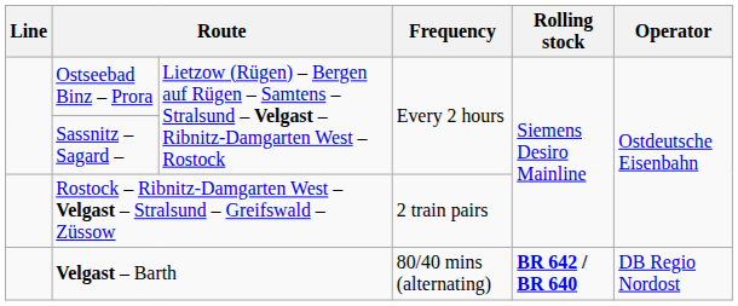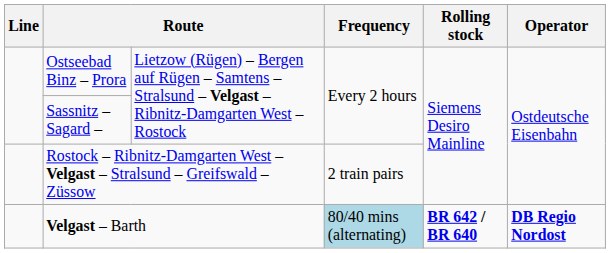 <table class="wikitable">
 <tr>
 <th>Line</th>
 <th colspan="3">Route</th>
 <th>Frequency</th>
 <th>Rolling stock</th>
 <th>Operator</th>
 </tr>
 <tr>
 <td rowspan="2"></td>
 <td><a href='#'>Ostseebad Binz</a> – <a href='#'>Prora</a></td>
 <td colspan="2" rowspan="2"><a href='#'>Lietzow (Rügen)</a> – <a href='#'>Bergen auf Rügen</a> – <a href='#'>Samtens</a> – <a href='#'>Stralsund</a> – <strong>Velgast</strong> – <a href='#'>Ribnitz-Damgarten West</a> – <a href='#'>Rostock</a></td>
 <td rowspan="2">Every 2 hours</td>
 <td rowspan="3"><a href='#'>Siemens Desiro Mainline</a></td>
 <td rowspan="3"><a href='#'>Ostdeutsche Eisenbahn</a></td>
 </tr>
 <tr>
 <td><a href='#'>Sassnitz</a> – <a href='#'>Sagard</a> –</td>
 </tr>
 <tr>
 <td></td>
 <td colspan="3"><a href='#'>Rostock</a> – <a href='#'>Ribnitz-Damgarten West</a> – <strong>Velgast</strong> – <a href='#'>Stralsund</a> – <a href='#'>Greifswald</a> – <a href='#'>Züssow</a></td>
 <td>2 train pairs</td>
 </tr>
 <tr>
 <td></td>
 <td colspan="3"><strong>Velgast</strong> – Barth</td>
-<td>80/40 mins (alternating)</td>
+<td style="background: lightblue;">80/40 mins (alternating)</td>
 <td><strong><a href='#'>BR 642</a> / <a href='#'>BR 640</a></strong></td>
-<td><a href='#'>DB Regio Nordost</a></td>
+<td><strong><a href='#'>DB Regio Nordost</a></strong></td>
 </tr>
 </table>
